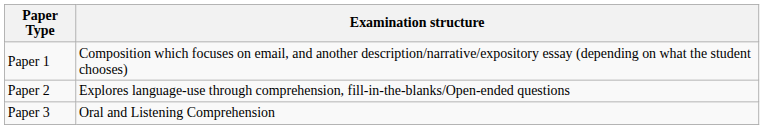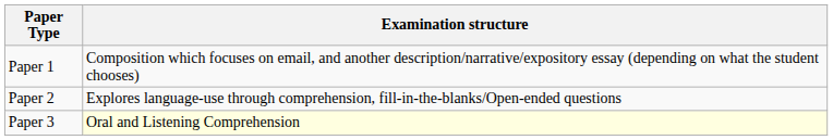 <table class="wikitable">
 <tr>
 <th>Paper Type</th>
 <th>Examination structure</th>
 </tr>
 <tr>
 <td>Paper 1</td>
 <td>Composition which focuses on email, and another description/narrative/expository essay (depending on what the student chooses)</td>
 </tr>
 <tr>
 <td>Paper 2</td>
 <td>Explores language-use through comprehension, fill-in-the-blanks/Open-ended questions</td>
 </tr>
 <tr>
 <td>Paper 3</td>
-<td>Oral and Listening Comprehension</td>
+<td style="background: lightyellow;">Oral and Listening Comprehension</td>
 </tr>
 </table>
